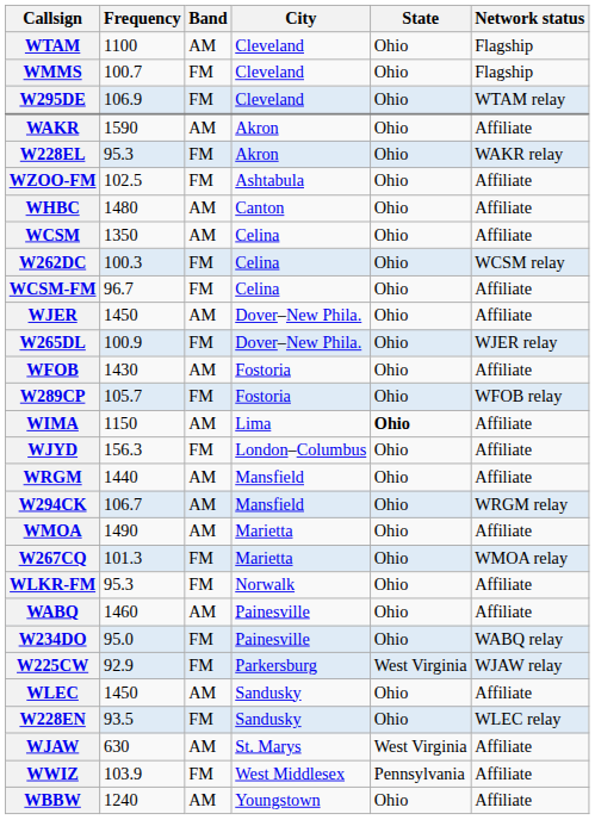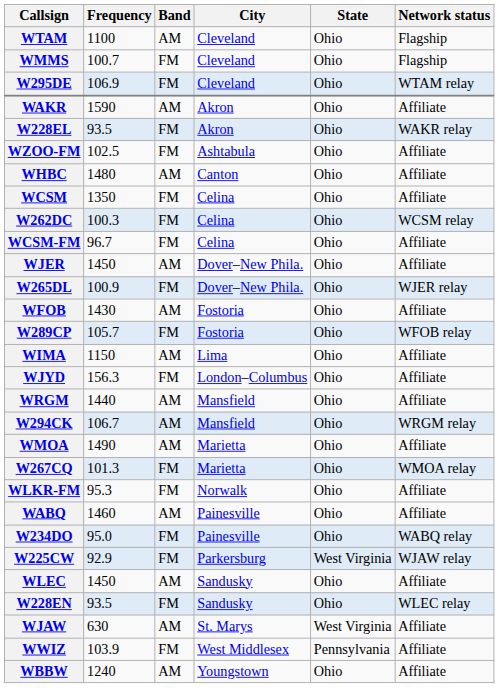 <table class="wikitable sortable">
 <tr>
 <th scope="col" ;>Callsign</th>
 <th scope="col" ;>Frequency</th>
 <th scope="col" ;>Band</th>
 <th scope="col" ;>City</th>
 <th scope="col" ;>State</th>
 <th scope="col" ;>Network status</th>
 </tr>
 <tr>
 <th scope="row"><a href='#'>WTAM</a></th>
 <td data-sort-value="001100">1100</td>
 <td>AM</td>
 <td><a href='#'>Cleveland</a></td>
 <td>Ohio</td>
 <td>Flagship</td>
 </tr>
 <tr>
 <th scope="row"><a href='#'>WMMS</a></th>
 <td data-sort-value="100700">100.7</td>
 <td>FM</td>
 <td><a href='#'>Cleveland</a></td>
 <td>Ohio</td>
 <td>Flagship</td>
 </tr>
 <tr style="background-color:#DFEBF6; border-bottom: 2px solid grey;">
 <th scope="row"><a href='#'>W295DE</a></th>
 <td data-sort-value="106990">106.9</td>
 <td>FM</td>
 <td><a href='#'>Cleveland</a></td>
 <td>Ohio</td>
 <td>WTAM relay</td>
 </tr>
 <tr>
 <th scope="row"><a href='#'>WAKR</a></th>
 <td data-sort-value="001590">1590</td>
 <td>AM</td>
 <td><a href='#'>Akron</a></td>
 <td>Ohio</td>
 <td>Affiliate</td>
 </tr>
 <tr style="background-color:#DFEBF6;">
 <th scope="row"><a href='#'>W228EL</a></th>
-<td data-sort-value="093590">95.3</td>
+<td data-sort-value="093590">93.5</td>
 <td>FM</td>
 <td><a href='#'>Akron</a></td>
 <td>Ohio</td>
 <td>WAKR relay</td>
 </tr>
 <tr>
 <th scope="row"><a href='#'>WZOO-FM</a></th>
 <td data-sort-value="102500">102.5</td>
 <td>FM</td>
 <td><a href='#'>Ashtabula</a></td>
 <td>Ohio</td>
 <td>Affiliate</td>
 </tr>
 <tr>
 <th scope="row"><a href='#'>WHBC</a></th>
 <td data-sort-value="001480">1480</td>
 <td>AM</td>
 <td><a href='#'>Canton</a></td>
 <td>Ohio</td>
 <td>Affiliate</td>
 </tr>
 <tr>
 <th scope="row"><a href='#'>WCSM</a></th>
 <td data-sort-value="001350">1350</td>
-<td>AM</td>
+<td>FM</td>
 <td><a href='#'>Celina</a></td>
 <td>Ohio</td>
 <td>Affiliate</td>
 </tr>
 <tr style="background-color:#DFEBF6;">
 <th scope="row"><a href='#'>W262DC</a></th>
 <td data-sort-value="100390">100.3</td>
 <td>FM</td>
 <td><a href='#'>Celina</a></td>
 <td>Ohio</td>
 <td>WCSM relay</td>
 </tr>
 <tr>
 <th scope="row"><a href='#'>WCSM-FM</a></th>
 <td data-sort-value="096700">96.7</td>
 <td>FM</td>
 <td><a href='#'>Celina</a></td>
 <td>Ohio</td>
 <td>Affiliate</td>
 </tr>
 <tr>
 <th scope="row"><a href='#'>WJER</a></th>
 <td data-sort-value="001450">1450</td>
 <td>AM</td>
 <td><a href='#'>Dover</a>–<a href='#'>New Phila.</a></td>
 <td>Ohio</td>
 <td>Affiliate</td>
 </tr>
 <tr style="background-color:#DFEBF6;">
 <th scope="row"><a href='#'>W265DL</a></th>
 <td data-sort-value="100990">100.9</td>
 <td>FM</td>
 <td><a href='#'>Dover</a>–<a href='#'>New Phila.</a></td>
 <td>Ohio</td>
 <td>WJER relay<br></td>
 </tr>
 <tr>
 <th scope="row"><a href='#'>WFOB</a></th>
 <td data-sort-value="001430">1430</td>
 <td>AM</td>
 <td><a href='#'>Fostoria</a></td>
 <td>Ohio</td>
 <td>Affiliate</td>
 </tr>
 <tr style="background-color:#DFEBF6;">
 <th scope="row"><a href='#'>W289CP</a></th>
 <td data-sort-value="105790">105.7</td>
 <td>FM</td>
 <td><a href='#'>Fostoria</a></td>
 <td>Ohio</td>
 <td>WFOB relay</td>
 </tr>
 <tr>
 <th scope="row"><a href='#'>WIMA</a></th>
 <td data-sort-value="001150">1150</td>
 <td>AM</td>
 <td><a href='#'>Lima</a></td>
-<td><strong>Ohio</strong></td>
+<td>Ohio</td>
 <td>Affiliate</td>
 </tr>
 <tr>
 <th scope="row"><a href='#'>WJYD</a></th>
 <td data-sort-value="107100">156.3</td>
 <td>FM</td>
 <td><a href='#'>London</a>–<a href='#'>Columbus</a></td>
 <td>Ohio</td>
 <td>Affiliate</td>
 </tr>
 <tr>
 <th scope="row"><a href='#'>WRGM</a></th>
 <td data-sort-value="001440">1440</td>
 <td>AM</td>
 <td><a href='#'>Mansfield</a></td>
 <td>Ohio</td>
 <td>Affiliate</td>
 </tr>
 <tr style="background-color:#DFEBF6;">
 <th scope="row"><a href='#'>W294CK</a></th>
 <td data-sort-value="106790">106.7</td>
 <td>AM</td>
 <td><a href='#'>Mansfield</a></td>
 <td>Ohio</td>
 <td>WRGM relay</td>
 </tr>
 <tr>
 <th scope="row"><a href='#'>WMOA</a></th>
 <td data-sort-value="001490">1490</td>
 <td>AM</td>
 <td><a href='#'>Marietta</a></td>
 <td>Ohio</td>
 <td>Affiliate</td>
 </tr>
 <tr style="background-color:#DFEBF6;">
 <th scope="row"><a href='#'>W267CQ</a></th>
 <td data-sort-value="101390">101.3</td>
 <td>FM</td>
 <td><a href='#'>Marietta</a></td>
 <td>Ohio</td>
 <td>WMOA relay</td>
 </tr>
 <tr>
 <th scope="row"><a href='#'>WLKR-FM</a></th>
 <td data-sort-value="095300">95.3</td>
 <td>FM</td>
 <td><a href='#'>Norwalk</a></td>
 <td>Ohio</td>
 <td>Affiliate</td>
 </tr>
 <tr>
 <th scope="row"><a href='#'>WABQ</a></th>
 <td data-sort-value="001460">1460</td>
 <td>AM</td>
 <td><a href='#'>Painesville</a></td>
 <td>Ohio</td>
 <td>Affiliate</td>
 </tr>
 <tr style="background-color:#DFEBF6;">
 <th scope="row"><a href='#'>W234DO</a></th>
 <td data-sort-value="094790">95.0</td>
 <td>FM</td>
 <td><a href='#'>Painesville</a></td>
 <td>Ohio</td>
 <td>WABQ relay</td>
 </tr>
 <tr style="background-color:#DFEBF6;">
 <th scope="row"><a href='#'>W225CW</a></th>
 <td data-sort-value="092990">92.9</td>
 <td>FM</td>
 <td><a href='#'>Parkersburg</a></td>
 <td>West Virginia</td>
 <td>WJAW relay</td>
 </tr>
 <tr>
 <th scope="row"><a href='#'>WLEC</a></th>
 <td data-sort-value="001450">1450</td>
 <td>AM</td>
 <td><a href='#'>Sandusky</a></td>
 <td>Ohio</td>
 <td>Affiliate</td>
 </tr>
 <tr style="background-color:#DFEBF6;">
 <th scope="row"><a href='#'>W228EN</a></th>
 <td data-sort-value="093591">93.5</td>
 <td>FM</td>
 <td><a href='#'>Sandusky</a></td>
 <td>Ohio</td>
 <td>WLEC relay</td>
 </tr>
 <tr>
 <th scope="row"><a href='#'>WJAW</a></th>
 <td data-sort-value="000630">630</td>
 <td>AM</td>
 <td><a href='#'>St. Marys</a></td>
 <td>West Virginia</td>
 <td>Affiliate</td>
 </tr>
 <tr>
 <th scope="row"><a href='#'>WWIZ</a></th>
 <td data-sort-value="103900">103.9</td>
 <td>FM</td>
 <td><a href='#'>West Middlesex</a></td>
 <td>Pennsylvania</td>
 <td>Affiliate</td>
 </tr>
 <tr>
 <th scope="row"><a href='#'>WBBW</a></th>
 <td data-sort-value="001240">1240</td>
 <td>AM</td>
 <td><a href='#'>Youngstown</a></td>
 <td>Ohio</td>
 <td>Affiliate</td>
 </tr>
 </table>
